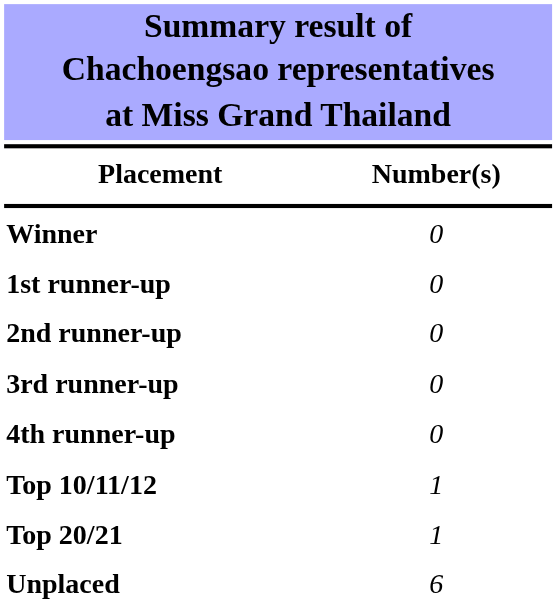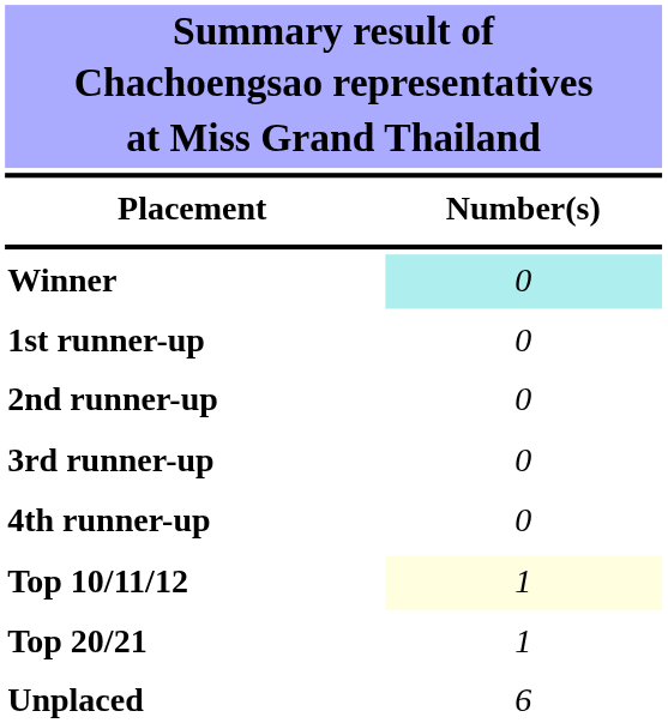 <table style="width: 270px; font-size:85%; line-height:1.5em;">
 <tr>
 <th colspan="2" align="center" style="background:#AAF;"><big>Summary result of<br>Chachoengsao representatives<br>at Miss Grand Thailand</big></th>
 </tr>
 <tr>
 <td colspan="2" style="background:black"></td>
 </tr>
 <tr>
 <th scope="col">Placement</th>
 <th scope="col">Number(s)</th>
 </tr>
 <tr>
 <td colspan="2" style="background:black"></td>
 </tr>
 <tr>
 <td align="left"><strong>Winner</strong></td>
-<td align="center"><em>0</em></td>
+<td align="center" style="background: paleturquoise;"><em>0</em></td>
 </tr>
 <tr>
 <td align="left"><strong>1st runner-up</strong></td>
 <td align="center"><em>0</em></td>
 </tr>
 <tr>
 <td align="left"><strong>2nd runner-up</strong></td>
 <td align="center"><em>0</em></td>
 </tr>
 <tr>
 <td align="left"><strong>3rd runner-up</strong></td>
 <td align="center"><em>0</em></td>
 </tr>
 <tr>
 <td align="left"><strong>4th runner-up</strong></td>
 <td align="center"><em>0</em></td>
 </tr>
 <tr>
 <td align="left"><strong>Top 10/11/12</strong></td>
-<td align="center"><em>1</em></td>
+<td align="center" style="background: lightyellow;"><em>1</em></td>
 </tr>
 <tr>
 <td align="left"><strong>Top 20/21</strong></td>
 <td align="center"><em>1</em></td>
 </tr>
 <tr>
 <td align="left"><strong>Unplaced</strong></td>
 <td align="center"><em>6</em></td>
 </tr>
 </table>
